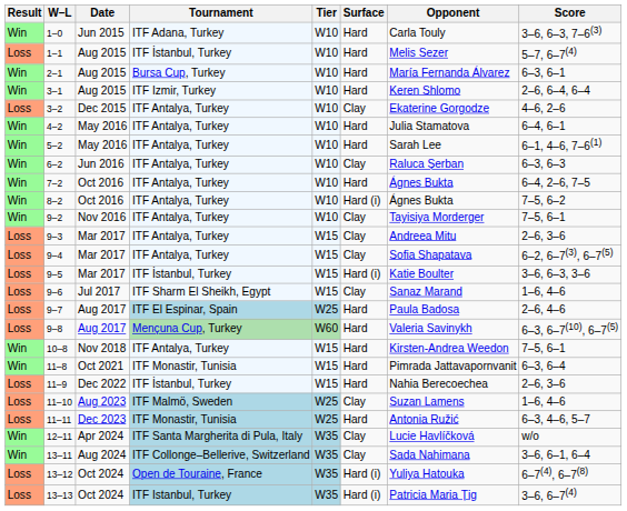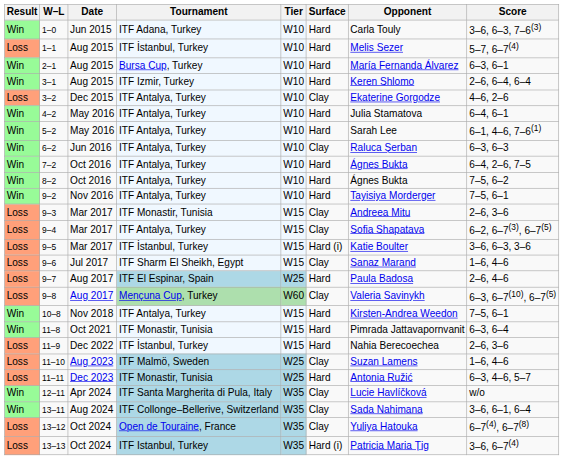 <table class="sortable wikitable">
 <tr>
 <th>Result</th>
 <th class="unsortable">W–L</th>
 <th>Date</th>
 <th>Tournament</th>
 <th>Tier</th>
 <th>Surface</th>
 <th>Opponent</th>
 <th class="unsortable">Score</th>
 </tr>
 <tr>
 <td style="background:#98fb98;">Win</td>
 <td><small>1–0</small></td>
 <td>Jun 2015</td>
 <td style="background:#f0f8ff;">ITF Adana, Turkey</td>
 <td style="background:#f0f8ff;">W10</td>
 <td>Hard</td>
 <td> Carla Touly</td>
 <td>3–6, 6–3, 7–6<sup>(3)</sup></td>
 </tr>
 <tr>
 <td style="background:#ffa07a;">Loss</td>
 <td><small>1–1</small></td>
 <td>Aug 2015</td>
 <td style="background:#f0f8ff;">ITF İstanbul, Turkey</td>
 <td style="background:#f0f8ff;">W10</td>
 <td>Hard</td>
 <td> <a href='#'>Melis Sezer</a></td>
 <td>5–7, 6–7<sup>(4)</sup></td>
 </tr>
 <tr>
 <td style="background:#98fb98;">Win</td>
 <td><small>2–1</small></td>
 <td>Aug 2015</td>
 <td style="background:#f0f8ff;"><a href='#'>Bursa Cup</a>, Turkey</td>
 <td style="background:#f0f8ff;">W10</td>
 <td>Hard</td>
 <td> <a href='#'>María Fernanda Álvarez</a></td>
 <td>6–3, 6–1</td>
 </tr>
 <tr>
 <td style="background:#98fb98;">Win</td>
 <td><small>3–1</small></td>
 <td>Aug 2015</td>
 <td style="background:#f0f8ff;">ITF Izmir, Turkey</td>
 <td style="background:#f0f8ff;">W10</td>
 <td>Hard</td>
 <td> <a href='#'>Keren Shlomo</a></td>
 <td>2–6, 6–4, 6–4</td>
 </tr>
 <tr>
 <td style="background:#ffa07a;">Loss</td>
 <td><small>3–2</small></td>
 <td>Dec 2015</td>
 <td style="background:#f0f8ff;">ITF Antalya, Turkey</td>
 <td style="background:#f0f8ff;">W10</td>
 <td>Clay</td>
 <td> <a href='#'>Ekaterine Gorgodze</a></td>
 <td>4–6, 2–6</td>
 </tr>
 <tr>
 <td style="background:#98fb98;">Win</td>
 <td><small>4–2</small></td>
 <td>May 2016</td>
 <td style="background:#f0f8ff;">ITF Antalya, Turkey</td>
 <td style="background:#f0f8ff;">W10</td>
 <td>Hard</td>
 <td> Julia Stamatova</td>
 <td>6–4, 6–1</td>
 </tr>
 <tr>
 <td style="background:#98fb98;">Win</td>
 <td><small>5–2</small></td>
 <td>May 2016</td>
 <td style="background:#f0f8ff;">ITF Antalya, Turkey</td>
 <td style="background:#f0f8ff;">W10</td>
 <td>Hard</td>
 <td> Sarah Lee</td>
 <td>6–1, 4–6, 7–6<sup>(1)</sup></td>
 </tr>
 <tr>
 <td style="background:#98fb98;">Win</td>
 <td><small>6–2</small></td>
 <td>Jun 2016</td>
 <td style="background:#f0f8ff;">ITF Antalya, Turkey</td>
 <td style="background:#f0f8ff;">W10</td>
 <td>Clay</td>
 <td> <a href='#'>Raluca Șerban</a></td>
 <td>6–3, 6–3</td>
 </tr>
 <tr>
 <td style="background:#98fb98;">Win</td>
 <td><small>7–2</small></td>
 <td>Oct 2016</td>
 <td style="background:#f0f8ff;">ITF Antalya, Turkey</td>
 <td style="background:#f0f8ff;">W10</td>
 <td>Hard</td>
 <td> <a href='#'>Ágnes Bukta</a></td>
 <td>6–4, 2–6, 7–5</td>
 </tr>
 <tr>
 <td style="background:#98fb98;">Win</td>
 <td><small>8–2</small></td>
 <td>Oct 2016</td>
 <td style="background:#f0f8ff;">ITF Antalya, Turkey</td>
 <td style="background:#f0f8ff;">W10</td>
-<td>Hard (i)</td>
+<td>Hard</td>
 <td> Ágnes Bukta</td>
 <td>7–5, 6–2</td>
 </tr>
 <tr>
 <td style="background:#98fb98;">Win</td>
 <td><small>9–2</small></td>
 <td>Nov 2016</td>
 <td style="background:#f0f8ff;">ITF Antalya, Turkey</td>
 <td style="background:#f0f8ff;">W10</td>
-<td>Clay</td>
+<td>Hard</td>
 <td> <a href='#'>Tayisiya Morderger</a></td>
 <td>7–5, 6–1</td>
 </tr>
 <tr>
 <td style="background:#ffa07a;">Loss</td>
 <td><small>9–3</small></td>
 <td>Mar 2017</td>
-<td style="background:#f0f8ff;">ITF Antalya, Turkey</td>
+<td style="background:#f0f8ff;">ITF Monastir, Tunisia</td>
 <td style="background:#f0f8ff;">W15</td>
 <td>Clay</td>
 <td> <a href='#'>Andreea Mitu</a></td>
 <td>2–6, 3–6</td>
 </tr>
 <tr>
 <td style="background:#ffa07a;">Loss</td>
 <td><small>9–4</small></td>
 <td>Mar 2017</td>
 <td style="background:#f0f8ff;">ITF Antalya, Turkey</td>
 <td style="background:#f0f8ff;">W15</td>
 <td>Clay</td>
 <td> <a href='#'>Sofia Shapatava</a></td>
 <td>6–2, 6–7<sup>(3)</sup>, 6–7<sup>(5)</sup></td>
 </tr>
 <tr>
 <td style="background:#ffa07a;">Loss</td>
 <td><small>9–5</small></td>
 <td>Mar 2017</td>
 <td style="background:#f0f8ff;">ITF İstanbul, Turkey</td>
 <td style="background:#f0f8ff;">W15</td>
 <td>Hard (i)</td>
 <td> <a href='#'>Katie Boulter</a></td>
 <td>3–6, 6–3, 3–6</td>
 </tr>
 <tr>
 <td style="background:#ffa07a;">Loss</td>
 <td><small>9–6</small></td>
 <td>Jul 2017</td>
 <td style="background:#f0f8ff;">ITF Sharm El Sheikh, Egypt</td>
 <td style="background:#f0f8ff;">W15</td>
 <td>Clay</td>
 <td> <a href='#'>Sanaz Marand</a></td>
 <td>1–6, 4–6</td>
 </tr>
 <tr>
 <td style="background:#ffa07a;">Loss</td>
 <td><small>9–7</small></td>
 <td>Aug 2017</td>
 <td style="background:lightblue;">ITF El Espinar, Spain</td>
 <td style="background:lightblue;">W25</td>
 <td>Hard</td>
 <td> <a href='#'>Paula Badosa</a></td>
 <td>2–6, 4–6</td>
 </tr>
 <tr>
 <td style="background:#ffa07a;">Loss</td>
 <td><small>9–8</small></td>
 <td><a href='#'>Aug 2017</a></td>
 <td style="background:#addfad;"><a href='#'>Mençuna Cup</a>, Turkey</td>
 <td style="background:#addfad;">W60</td>
-<td>Hard</td>
+<td>Clay</td>
 <td> <a href='#'>Valeria Savinykh</a></td>
 <td>6–3, 6–7<sup>(10)</sup>, 6–7<sup>(5)</sup></td>
 </tr>
 <tr>
 <td style="background:#98fb98;">Win</td>
 <td><small>10–8</small></td>
 <td>Nov 2018</td>
 <td style="background:#f0f8ff;">ITF Antalya, Turkey</td>
 <td style="background:#f0f8ff;">W15</td>
 <td>Hard</td>
 <td> <a href='#'>Kirsten-Andrea Weedon</a></td>
 <td>7–5, 6–1</td>
 </tr>
 <tr>
 <td style="background:#98fb98;">Win</td>
 <td><small>11–8</small></td>
 <td>Oct 2021</td>
 <td style="background:#f0f8ff;">ITF Monastir, Tunisia</td>
 <td style="background:#f0f8ff;">W15</td>
 <td>Hard</td>
 <td> Pimrada Jattavapornvanit</td>
 <td>6–3, 6–4</td>
 </tr>
 <tr>
 <td style="background:#ffa07a;">Loss</td>
 <td><small>11–9</small></td>
 <td>Dec 2022</td>
 <td style="background:#f0f8ff;">ITF İstanbul, Turkey</td>
 <td style="background:#f0f8ff;">W15</td>
 <td>Hard</td>
 <td> Nahia Berecoechea</td>
 <td>2–6, 3–6</td>
 </tr>
 <tr>
 <td style="background:#ffa07a;">Loss</td>
 <td><small>11–10</small></td>
 <td><a href='#'>Aug 2023</a></td>
 <td style="background:lightblue;">ITF Malmö, Sweden</td>
 <td style="background:lightblue;">W25</td>
 <td>Clay</td>
 <td> <a href='#'>Suzan Lamens</a></td>
 <td>1–6, 4–6</td>
 </tr>
 <tr>
 <td style="background:#ffa07a;">Loss</td>
 <td><small>11–11</small></td>
 <td><a href='#'>Dec 2023</a></td>
 <td style="background:lightblue;">ITF Monastir, Tunisia</td>
 <td style="background:lightblue;">W25</td>
 <td>Hard</td>
 <td> <a href='#'>Antonia Ružić</a></td>
 <td>6–3, 4–6, 5–7</td>
 </tr>
 <tr>
 <td style="background:#98fb98;">Win</td>
 <td><small>12–11</small></td>
 <td>Apr 2024</td>
 <td style="background:lightblue;">ITF Santa Margherita di Pula, Italy</td>
 <td style="background:lightblue;">W35</td>
 <td>Clay</td>
 <td> <a href='#'>Lucie Havlíčková</a></td>
 <td>w/o</td>
 </tr>
 <tr>
 <td style="background:#98fb98;">Win</td>
 <td><small>13–11</small></td>
 <td>Aug 2024</td>
 <td style="background:lightblue;">ITF Collonge–Bellerive, Switzerland</td>
 <td style="background:lightblue;">W35</td>
 <td>Clay</td>
 <td> <a href='#'>Sada Nahimana</a></td>
 <td>3–6, 6–1, 6–4</td>
 </tr>
 <tr>
 <td style="background:#ffa07a;">Loss</td>
 <td><small>13–12</small></td>
 <td>Oct 2024</td>
 <td style="background:lightblue;"><a href='#'>Open de Touraine</a>, France</td>
 <td style="background:lightblue;">W35</td>
-<td>Hard (i)</td>
+<td>Clay</td>
 <td> <a href='#'>Yuliya Hatouka</a></td>
 <td>6–7<sup>(4)</sup>, 6–7<sup>(8)</sup></td>
 </tr>
 <tr>
 <td style="background:#ffa07a;">Loss</td>
 <td><small>13–13</small></td>
 <td>Oct 2024</td>
 <td style="background:lightblue;">ITF Istanbul, Turkey</td>
 <td style="background:lightblue;">W35</td>
 <td>Hard (i)</td>
 <td> <a href='#'>Patricia Maria Țig</a></td>
 <td>3–6, 6–7<sup>(4)</sup></td>
 </tr>
 </table>
